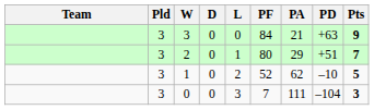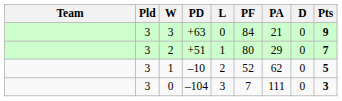 <table class="wikitable" style="text-align:center;">
 <tr>
 <th width=175>Team</th>
 <th width=25 abbr="Played">Pld</th>
 <th width=25 abbr="Won">W</th>
-<th width=25 abbr="Drawn">D</th>
+<th width=32 abbr="Points difference">PD</th>
 <th width=25 abbr="Lost">L</th>
 <th width=32 abbr="Points for">PF</th>
 <th width=32 abbr="Points against">PA</th>
-<th width=32 abbr="Points difference">PD</th>
+<th width=25 abbr="Drawn">D</th>
 <th width=25 abbr="Points">Pts</th>
 </tr>
 <tr bgcolor=ccffcc>
 <td align=left></td>
 <td>3</td>
 <td>3</td>
-<td>0</td>
+<td>+63</td>
 <td>0</td>
 <td>84</td>
 <td>21</td>
-<td>+63</td>
+<td>0</td>
 <td><strong>9</strong></td>
 </tr>
 <tr bgcolor=ccffcc>
 <td align=left></td>
 <td>3</td>
 <td>2</td>
-<td>0</td>
+<td>+51</td>
 <td>1</td>
 <td>80</td>
 <td>29</td>
-<td>+51</td>
+<td>0</td>
 <td><strong>7</strong></td>
 </tr>
 <tr>
 <td align=left></td>
 <td>3</td>
 <td>1</td>
-<td>0</td>
+<td>–10</td>
 <td>2</td>
 <td>52</td>
 <td>62</td>
-<td>–10</td>
+<td>0</td>
 <td><strong>5</strong></td>
 </tr>
 <tr>
 <td align=left></td>
 <td>3</td>
 <td>0</td>
-<td>0</td>
+<td>–104</td>
 <td>3</td>
 <td>7</td>
 <td>111</td>
-<td>–104</td>
+<td>0</td>
 <td><strong>3</strong></td>
 </tr>
 </table>
